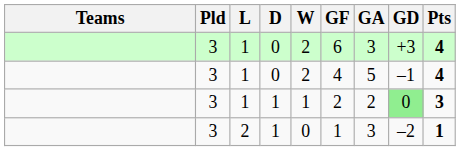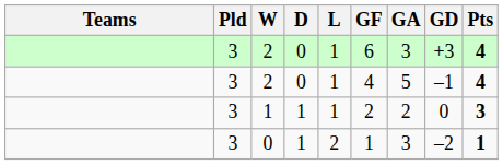 <table class="wikitable" style="text-align: center;">
 <tr>
 <th width=165>Teams</th>
 <th width=20>Pld</th>
+<th width=20>W</th>
+<th width=20>D</th>
 <th width=20>L</th>
-<th width=20>D</th>
-<th width=20>W</th>
 <th width=20>GF</th>
 <th width=20>GA</th>
 <th width=20>GD</th>
 <th width=20>Pts</th>
 </tr>
 <tr align=center style="background:#ccffcc;">
 <td style="text-align:left;"></td>
 <td>3</td>
+<td>2</td>
+<td>0</td>
 <td>1</td>
-<td>0</td>
-<td>2</td>
 <td>6</td>
 <td>3</td>
 <td>+3</td>
 <td><strong>4</strong></td>
 </tr>
 <tr align=center>
 <td style="text-align:left;"></td>
 <td>3</td>
+<td>2</td>
+<td>0</td>
 <td>1</td>
-<td>0</td>
-<td>2</td>
 <td>4</td>
 <td>5</td>
 <td>–1</td>
 <td><strong>4</strong></td>
 </tr>
 <tr align=center>
 <td style="text-align:left;"></td>
 <td>3</td>
 <td>1</td>
 <td>1</td>
 <td>1</td>
 <td>2</td>
 <td>2</td>
-<td style="background: lightgreen;">0</td>
+<td>0</td>
 <td><strong>3</strong></td>
 </tr>
 <tr align=center>
 <td style="text-align:left;"></td>
 <td>3</td>
+<td>0</td>
+<td>1</td>
 <td>2</td>
-<td>1</td>
-<td>0</td>
 <td>1</td>
 <td>3</td>
 <td>–2</td>
 <td><strong>1</strong></td>
 </tr>
 </table>
